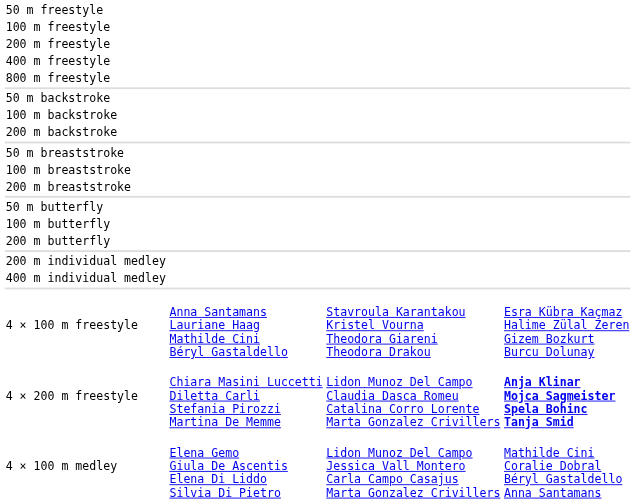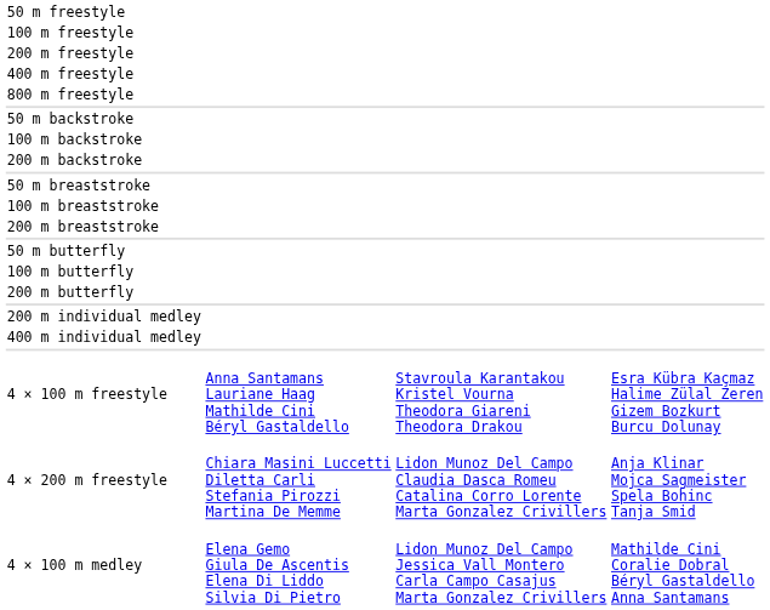 <table>
 <tr>
 <td>50 m freestyle<br></td>
 <td></td>
 <td></td>
 <td></td>
 </tr>
 <tr>
 <td>100 m freestyle<br></td>
 <td></td>
 <td></td>
 <td></td>
 </tr>
 <tr>
 <td>200 m freestyle<br></td>
 <td></td>
 <td></td>
 <td></td>
 </tr>
 <tr>
 <td>400 m freestyle<br></td>
 <td></td>
 <td></td>
 <td></td>
 </tr>
 <tr>
 <td>800 m freestyle<br></td>
 <td></td>
 <td></td>
 <td></td>
 </tr>
 <tr bgcolor=#DDDDDD>
 <td colspan=7></td>
 </tr>
 <tr>
 <td>50 m backstroke<br></td>
 <td></td>
 <td></td>
 <td></td>
 </tr>
 <tr>
 <td>100 m backstroke<br></td>
 <td></td>
 <td></td>
 <td></td>
 </tr>
 <tr>
 <td>200 m backstroke<br></td>
 <td></td>
 <td></td>
 <td></td>
 </tr>
 <tr bgcolor=#DDDDDD>
 <td colspan=7></td>
 </tr>
 <tr>
 <td>50 m breaststroke<br></td>
 <td></td>
 <td></td>
 <td></td>
 </tr>
 <tr>
 <td>100 m breaststroke<br></td>
 <td></td>
 <td></td>
 <td></td>
 </tr>
 <tr>
 <td>200 m breaststroke<br></td>
 <td></td>
 <td></td>
 <td></td>
 </tr>
 <tr bgcolor=#DDDDDD>
 <td colspan=7></td>
 </tr>
 <tr>
 <td>50 m butterfly<br></td>
 <td></td>
 <td></td>
 <td></td>
 </tr>
 <tr>
 <td>100 m butterfly<br></td>
 <td></td>
 <td></td>
 <td></td>
 </tr>
 <tr>
 <td>200 m butterfly<br></td>
 <td></td>
 <td></td>
 <td></td>
 </tr>
 <tr bgcolor=#DDDDDD>
 <td colspan=7></td>
 </tr>
 <tr>
 <td>200 m individual medley<br></td>
 <td></td>
 <td></td>
 <td></td>
 </tr>
 <tr>
 <td>400 m individual medley<br></td>
 <td></td>
 <td></td>
 <td></td>
 </tr>
 <tr bgcolor=#DDDDDD>
 <td colspan=7></td>
 </tr>
 <tr>
 <td>4 × 100 m freestyle<br></td>
 <td><br><a href='#'>Anna Santamans</a><br><a href='#'>Lauriane Haag</a><br><a href='#'>Mathilde Cini</a><br><a href='#'>Béryl Gastaldello</a></td>
 <td><br><a href='#'>Stavroula Karantakou</a><br><a href='#'>Kristel Vourna</a><br><a href='#'>Theodora Giareni</a><br><a href='#'>Theodora Drakou</a></td>
 <td><br><a href='#'>Esra Kübra Kaçmaz</a><br><a href='#'>Halime Zülal Zeren</a><br><a href='#'>Gizem Bozkurt</a><br><a href='#'>Burcu Dolunay</a></td>
 </tr>
 <tr>
 <td>4 × 200 m freestyle<br></td>
 <td><br><a href='#'>Chiara Masini Luccetti</a><br><a href='#'>Diletta Carli</a><br><a href='#'>Stefania Pirozzi</a><br><a href='#'>Martina De Memme</a></td>
 <td><br><a href='#'>Lidon Munoz Del Campo</a><br><a href='#'>Claudia Dasca Romeu</a><br><a href='#'>Catalina Corro Lorente</a><br><a href='#'>Marta Gonzalez Crivillers</a></td>
-<td><strong><br><a href='#'>Anja Klinar</a><br><a href='#'>Mojca Sagmeister</a><br><a href='#'>Spela Bohinc</a><br><a href='#'>Tanja Smid</a></strong></td>
+<td><br><a href='#'>Anja Klinar</a><br><a href='#'>Mojca Sagmeister</a><br><a href='#'>Spela Bohinc</a><br><a href='#'>Tanja Smid</a></td>
 </tr>
 <tr>
 <td>4 × 100 m medley<br></td>
 <td><br><a href='#'>Elena Gemo</a><br><a href='#'>Giula De Ascentis</a><br><a href='#'>Elena Di Liddo</a><br><a href='#'>Silvia Di Pietro</a></td>
 <td><br><a href='#'>Lidon Munoz Del Campo</a><br><a href='#'>Jessica Vall Montero</a><br><a href='#'>Carla Campo Casajus</a><br><a href='#'>Marta Gonzalez Crivillers</a></td>
 <td><br><a href='#'>Mathilde Cini</a><br><a href='#'>Coralie Dobral</a><br><a href='#'>Béryl Gastaldello</a><br><a href='#'>Anna Santamans</a></td>
 </tr>
 </table>
